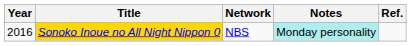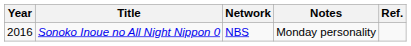 <table class="wikitable">
 <tr>
 <th>Year</th>
 <th>Title</th>
 <th>Network</th>
 <th>Notes</th>
 <th>Ref.</th>
 </tr>
 <tr>
 <td>2016</td>
-<td style="background: gold;"><em><a href='#'>Sonoko Inoue no All Night Nippon 0</a></em></td>
+<td><em><a href='#'>Sonoko Inoue no All Night Nippon 0</a></em></td>
 <td><a href='#'>NBS</a></td>
-<td style="background: paleturquoise;">Monday personality</td>
+<td>Monday personality</td>
 <td></td>
 </tr>
 </table>
